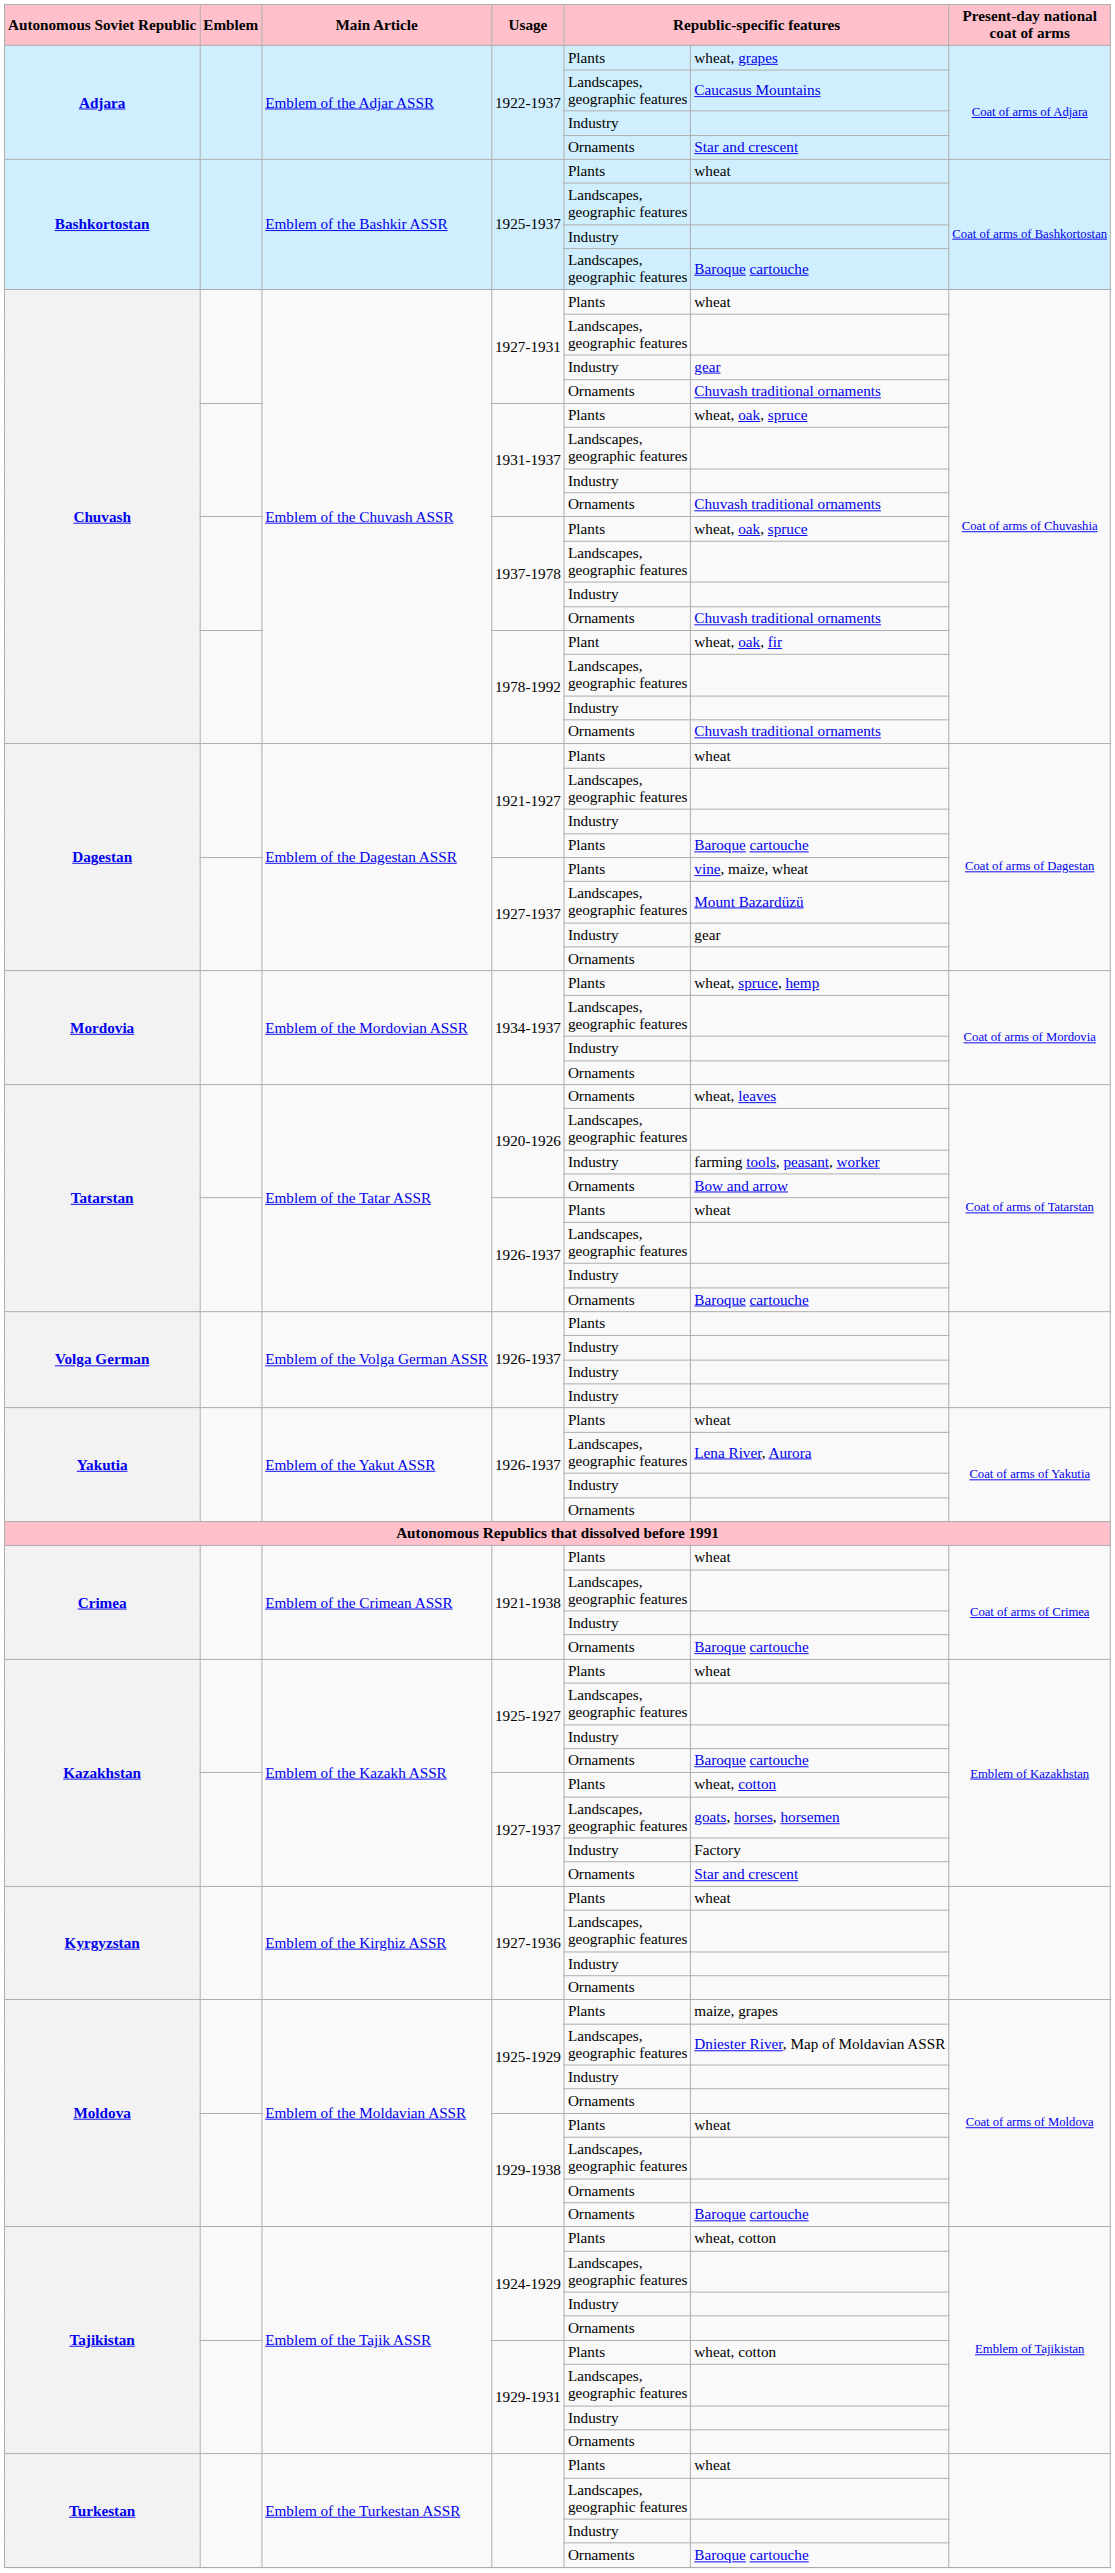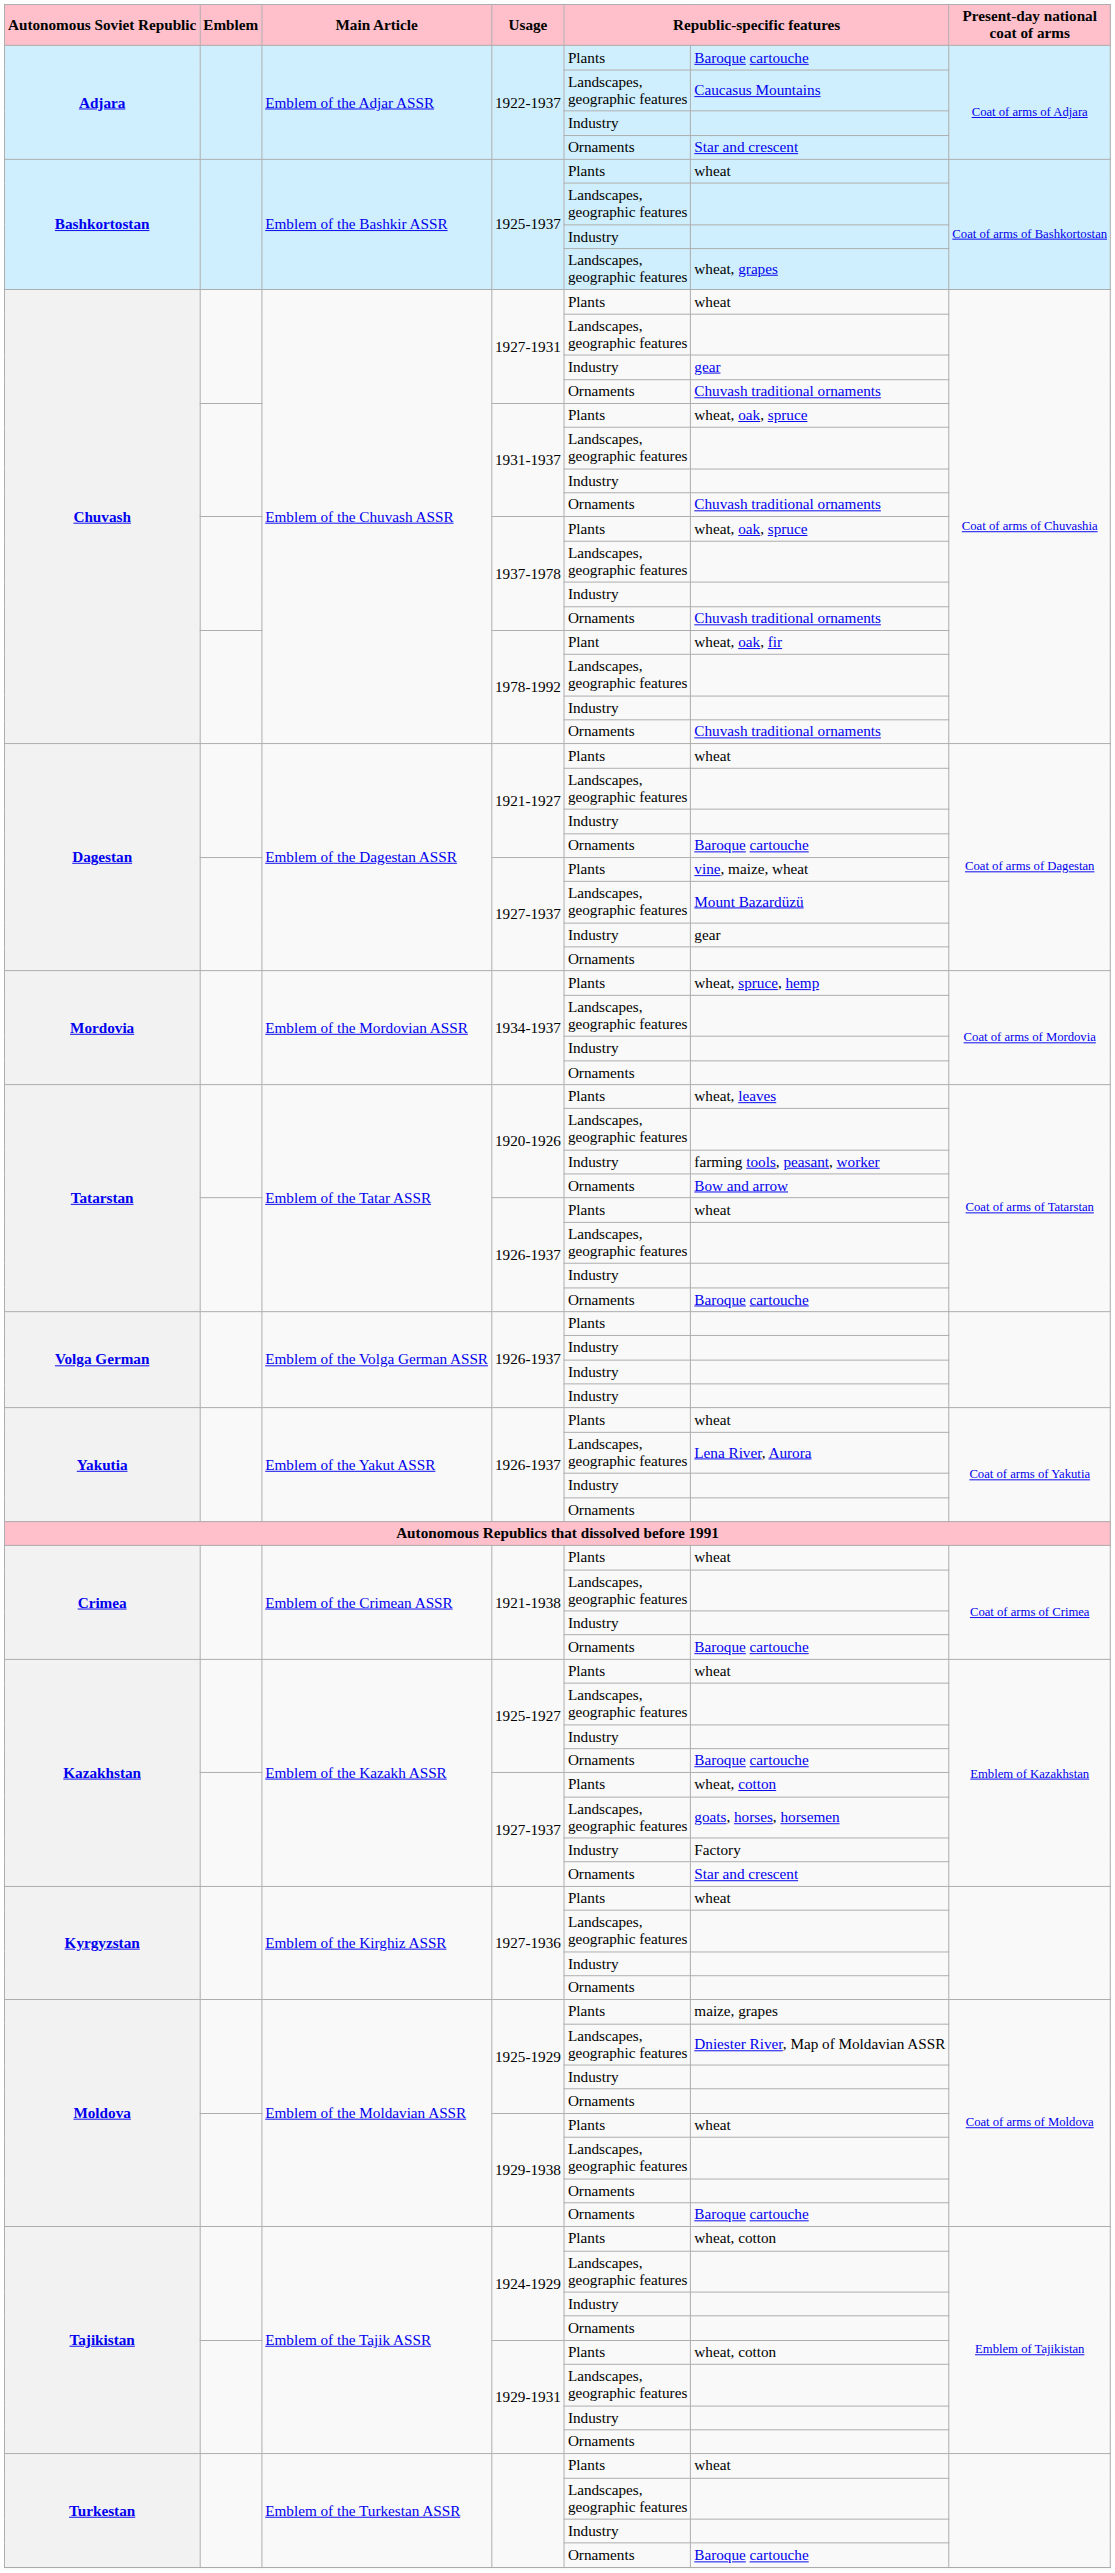 <table class="wikitable">
 <tr>
 <th style="background:pink">Autonomous Soviet Republic</th>
 <th style="background:pink">Emblem</th>
 <th style="background:pink">Main Article</th>
 <th style="background:pink">Usage</th>
 <th colspan=2 style="background:pink">Republic-specific features</th>
 <th style="background:pink">Present-day national <br>coat of arms</th>
 </tr>
 <tr>
 <th style="background:#D0EFFE" rowspan=4><a href='#'>Adjara</a></th>
 <td style="background:#D0EFFE" rowspan=4 align=center></td>
 <td style="background:#D0EFFE" rowspan=4><a href='#'>Emblem of the Adjar ASSR</a></td>
 <td style="background:#D0EFFE" rowspan="4">1922-1937</td>
 <td style="background:#D0EFFE">Plants</td>
-<td style="background:#D0EFFE">wheat, <a href='#'>grapes</a></td>
+<td style="background:#D0EFFE"><a href='#'>Baroque</a> <a href='#'>cartouche</a></td>
 <td style="background:#D0EFFE" rowspan=4 align=center> <br><small><a href='#'>Coat of arms of Adjara</a></small></td>
 </tr>
 <tr>
 <td style="background:#D0EFFE">Landscapes, <br>geographic features</td>
 <td style="background:#D0EFFE"><a href='#'>Caucasus Mountains</a></td>
 </tr>
 <tr>
 <td style="background:#D0EFFE">Industry</td>
 <td style="background:#D0EFFE"></td>
 </tr>
 <tr>
 <td style="background:#D0EFFE">Ornaments</td>
 <td style="background:#D0EFFE"><a href='#'>Star and crescent</a></td>
 </tr>
 <tr>
 <th style="background:#D0EFFE" rowspan=4><a href='#'>Bashkortostan</a></th>
 <td style="background:#D0EFFE" rowspan=4 align=center></td>
 <td style="background:#D0EFFE" rowspan=4><a href='#'>Emblem of the Bashkir ASSR</a></td>
 <td style="background:#D0EFFE" rowspan="4">1925-1937</td>
 <td style="background:#D0EFFE">Plants</td>
 <td style="background:#D0EFFE">wheat</td>
 <td style="background:#D0EFFE"rowspan=4 align=center> <br><small><a href='#'>Coat of arms of Bashkortostan</a></small></td>
 </tr>
 <tr>
 <td style="background:#D0EFFE">Landscapes, <br>geographic features</td>
 <td style="background:#D0EFFE"></td>
 </tr>
 <tr>
 <td style="background:#D0EFFE">Industry</td>
 <td style="background:#D0EFFE"></td>
 </tr>
 <tr>
 <td style="background:#D0EFFE">Landscapes, <br>geographic features</td>
-<td style="background:#D0EFFE"><a href='#'>Baroque</a> <a href='#'>cartouche</a></td>
+<td style="background:#D0EFFE">wheat, <a href='#'>grapes</a></td>
 </tr>
 <tr>
 <th rowspan="16"><a href='#'>Chuvash</a></th>
 <td rowspan=4 align=center></td>
 <td rowspan="16"><a href='#'>Emblem of the Chuvash ASSR</a></td>
 <td rowspan="4">1927-1931</td>
 <td>Plants</td>
 <td>wheat</td>
 <td rowspan="16" align="center"> <br><small><a href='#'>Coat of arms of Chuvashia</a></small></td>
 </tr>
 <tr>
 <td>Landscapes, <br>geographic features</td>
 <td></td>
 </tr>
 <tr>
 <td>Industry</td>
 <td><a href='#'>gear</a></td>
 </tr>
 <tr>
 <td>Ornaments</td>
 <td><a href='#'>Chuvash traditional ornaments</a></td>
 </tr>
 <tr>
 <td rowspan=4 align=center></td>
 <td rowspan="4">1931-1937</td>
 <td>Plants</td>
 <td>wheat, <a href='#'>oak</a>, <a href='#'>spruce</a></td>
 </tr>
 <tr>
 <td>Landscapes, <br>geographic features</td>
 <td></td>
 </tr>
 <tr>
 <td>Industry</td>
 <td></td>
 </tr>
 <tr>
 <td>Ornaments</td>
 <td><a href='#'>Chuvash traditional ornaments</a></td>
 </tr>
 <tr>
 <td rowspan=4 align=center></td>
 <td rowspan="4">1937-1978</td>
 <td>Plants</td>
 <td>wheat, <a href='#'>oak</a>, <a href='#'>spruce</a></td>
 </tr>
 <tr>
 <td>Landscapes, <br>geographic features</td>
 <td></td>
 </tr>
 <tr>
 <td>Industry</td>
 <td></td>
 </tr>
 <tr>
 <td>Ornaments</td>
 <td><a href='#'>Chuvash traditional ornaments</a></td>
 </tr>
 <tr>
 <td rowspan=4 align=center></td>
 <td rowspan="4">1978-1992</td>
 <td>Plant</td>
 <td>wheat, <a href='#'>oak</a>, <a href='#'>fir</a></td>
 </tr>
 <tr>
 <td>Landscapes, <br>geographic features</td>
 <td></td>
 </tr>
 <tr>
 <td>Industry</td>
 <td></td>
 </tr>
 <tr>
 <td>Ornaments</td>
 <td><a href='#'>Chuvash traditional ornaments</a></td>
 </tr>
 <tr>
 <th rowspan="8"><a href='#'>Dagestan</a></th>
 <td rowspan="4"></td>
 <td rowspan="8"><a href='#'>Emblem of the Dagestan ASSR</a></td>
 <td rowspan="4">1921-1927</td>
 <td>Plants</td>
 <td>wheat</td>
 <td rowspan="8" align="center"> <br><small><a href='#'>Coat of arms of Dagestan</a></small></td>
 </tr>
 <tr>
 <td>Landscapes, <br>geographic features</td>
 <td></td>
 </tr>
 <tr>
 <td>Industry</td>
 <td></td>
 </tr>
 <tr>
-<td>Plants</td>
+<td>Ornaments</td>
 <td><a href='#'>Baroque</a> <a href='#'>cartouche</a></td>
 </tr>
 <tr>
 <td rowspan="4"></td>
 <td rowspan="4">1927-1937</td>
 <td>Plants</td>
 <td><a href='#'>vine</a>, maize, wheat</td>
 </tr>
 <tr>
 <td>Landscapes, <br>geographic features</td>
 <td><a href='#'>Mount Bazardüzü</a></td>
 </tr>
 <tr>
 <td>Industry</td>
 <td>gear</td>
 </tr>
 <tr>
 <td>Ornaments</td>
 <td></td>
 </tr>
 <tr>
 <th rowspan=4><a href='#'>Mordovia</a></th>
 <td rowspan=4 align=center></td>
 <td rowspan=4><a href='#'>Emblem of the Mordovian ASSR</a></td>
 <td rowspan="4">1934-1937</td>
 <td>Plants</td>
 <td>wheat, <a href='#'>spruce</a>, <a href='#'>hemp</a></td>
 <td rowspan=4 align=center> <br><small><a href='#'>Coat of arms of Mordovia</a></small></td>
 </tr>
 <tr>
 <td>Landscapes, <br>geographic features</td>
 <td></td>
 </tr>
 <tr>
 <td>Industry</td>
 <td></td>
 </tr>
 <tr>
 <td>Ornaments</td>
 <td></td>
 </tr>
 <tr>
 <th rowspan="8"><a href='#'>Tatarstan</a></th>
 <td rowspan="4"></td>
 <td rowspan="8"><a href='#'>Emblem of the Tatar ASSR</a></td>
 <td rowspan="4">1920-1926</td>
-<td>Ornaments</td>
+<td>Plants</td>
 <td>wheat, <a href='#'>leaves</a></td>
 <td rowspan="8" align="center"> <br><small><a href='#'>Coat of arms of Tatarstan</a></small></td>
 </tr>
 <tr>
 <td>Landscapes, <br>geographic features</td>
 <td></td>
 </tr>
 <tr>
 <td>Industry</td>
 <td>farming <a href='#'>tools</a>, <a href='#'>peasant</a>, <a href='#'>worker</a></td>
 </tr>
 <tr>
 <td>Ornaments</td>
 <td><a href='#'>Bow and arrow</a></td>
 </tr>
 <tr>
 <td rowspan="4"></td>
 <td rowspan="4">1926-1937</td>
 <td>Plants</td>
 <td>wheat</td>
 </tr>
 <tr>
 <td>Landscapes,<br>geographic features</td>
 <td></td>
 </tr>
 <tr>
 <td>Industry</td>
 <td></td>
 </tr>
 <tr>
 <td>Ornaments</td>
 <td><a href='#'>Baroque</a> <a href='#'>cartouche</a></td>
 </tr>
 <tr>
 <th rowspan="4"><a href='#'>Volga German</a></th>
 <td rowspan="4"></td>
 <td rowspan="4"><a href='#'>Emblem of the Volga German ASSR</a></td>
 <td rowspan="4">1926-1937</td>
 <td>Plants</td>
 <td></td>
 <td rowspan="4"></td>
 </tr>
 <tr>
 <td>Industry</td>
 <td></td>
 </tr>
 <tr>
 <td>Industry</td>
 <td></td>
 </tr>
 <tr>
 <td>Industry</td>
 <td></td>
 </tr>
 <tr>
 <th rowspan="4"><a href='#'>Yakutia</a></th>
 <td rowspan="4" align="center"></td>
 <td rowspan="4"><a href='#'>Emblem of the Yakut ASSR</a></td>
 <td rowspan="4">1926-1937</td>
 <td>Plants</td>
 <td>wheat</td>
 <td rowspan="4" align="center"><br><small><a href='#'>Coat of arms of Yakutia</a></small></td>
 </tr>
 <tr>
 <td>Landscapes, <br>geographic features</td>
 <td><a href='#'>Lena River</a>, <a href='#'>Aurora</a></td>
 </tr>
 <tr>
 <td>Industry</td>
 <td></td>
 </tr>
 <tr>
 <td>Ornaments</td>
 <td></td>
 </tr>
 <tr>
 <th colspan=7 style="background:pink">Autonomous Republics that dissolved before 1991</th>
 </tr>
 <tr>
 <th rowspan=4><a href='#'>Crimea</a></th>
 <td rowspan=4 align=center></td>
 <td rowspan=4><a href='#'>Emblem of the Crimean ASSR</a></td>
 <td rowspan="4">1921-1938</td>
 <td>Plants</td>
 <td>wheat</td>
 <td rowspan=4 align=center><br><small><a href='#'>Coat of arms of Crimea</a></small></td>
 </tr>
 <tr>
 <td>Landscapes, <br>geographic features</td>
 <td></td>
 </tr>
 <tr>
 <td>Industry</td>
 <td></td>
 </tr>
 <tr>
 <td>Ornaments</td>
 <td><a href='#'>Baroque</a> <a href='#'>cartouche</a></td>
 </tr>
 <tr>
 <th rowspan="8"><a href='#'>Kazakhstan</a></th>
 <td rowspan="4"></td>
 <td rowspan="8"><a href='#'>Emblem of the Kazakh ASSR</a></td>
 <td rowspan="4">1925-1927</td>
 <td>Plants</td>
 <td>wheat</td>
 <td rowspan="8" align="center"><small><a href='#'>Emblem of Kazakhstan</a></small></td>
 </tr>
 <tr>
 <td>Landscapes, <br>geographic features</td>
 <td></td>
 </tr>
 <tr>
 <td>Industry</td>
 <td></td>
 </tr>
 <tr>
 <td>Ornaments</td>
 <td><a href='#'>Baroque</a> <a href='#'>cartouche</a></td>
 </tr>
 <tr>
 <td rowspan="4" align="center"></td>
 <td rowspan="4">1927-1937</td>
 <td>Plants</td>
 <td>wheat, <a href='#'>cotton</a></td>
 </tr>
 <tr>
 <td>Landscapes, <br>geographic features</td>
 <td><a href='#'>goats</a>, <a href='#'>horses</a>, <a href='#'>horsemen</a></td>
 </tr>
 <tr>
 <td>Industry</td>
 <td>Factory</td>
 </tr>
 <tr>
 <td>Ornaments</td>
 <td><a href='#'>Star and crescent</a></td>
 </tr>
 <tr>
 <th rowspan="4"><a href='#'>Kyrgyzstan</a></th>
 <td rowspan="4"></td>
 <td rowspan="4"><a href='#'>Emblem of the Kirghiz ASSR</a></td>
 <td rowspan="4">1927-1936</td>
 <td>Plants</td>
 <td>wheat</td>
 <td rowspan="4"></td>
 </tr>
 <tr>
 <td>Landscapes, <br>geographic features</td>
 <td></td>
 </tr>
 <tr>
 <td>Industry</td>
 <td></td>
 </tr>
 <tr>
 <td>Ornaments</td>
 <td></td>
 </tr>
 <tr>
 <th rowspan="8"><a href='#'>Moldova</a></th>
 <td rowspan=4 align=center></td>
 <td rowspan="8"><a href='#'>Emblem of the Moldavian ASSR</a></td>
 <td rowspan="4">1925-1929</td>
 <td>Plants</td>
 <td>maize, grapes</td>
 <td rowspan="8" align="center"> <br><small><a href='#'>Coat of arms of Moldova</a></small></td>
 </tr>
 <tr>
 <td>Landscapes, <br>geographic features</td>
 <td><a href='#'>Dniester River</a>, Map of Moldavian ASSR</td>
 </tr>
 <tr>
 <td>Industry</td>
 <td></td>
 </tr>
 <tr>
 <td>Ornaments</td>
 <td></td>
 </tr>
 <tr>
 <td rowspan=4 align=center></td>
 <td rowspan="4">1929-1938</td>
 <td>Plants</td>
 <td>wheat</td>
 </tr>
 <tr>
 <td>Landscapes, <br>geographic features</td>
 <td></td>
 </tr>
 <tr>
 <td>Ornaments</td>
 <td></td>
 </tr>
 <tr>
 <td>Ornaments</td>
 <td><a href='#'>Baroque</a> <a href='#'>cartouche</a></td>
 </tr>
 <tr>
 <th rowspan="8"><a href='#'>Tajikistan</a></th>
 <td rowspan=4 align=center></td>
 <td rowspan="8"><a href='#'>Emblem of the Tajik ASSR</a></td>
 <td rowspan="4">1924-1929</td>
 <td>Plants</td>
 <td>wheat, cotton</td>
 <td rowspan="8" align="center"> <br><small><a href='#'>Emblem of Tajikistan</a></small></td>
 </tr>
 <tr>
 <td>Landscapes, <br>geographic features</td>
 <td></td>
 </tr>
 <tr>
 <td>Industry</td>
 <td></td>
 </tr>
 <tr>
 <td>Ornaments</td>
 <td></td>
 </tr>
 <tr>
 <td rowspan=4 align=center></td>
 <td rowspan="4">1929-1931</td>
 <td>Plants</td>
 <td>wheat, cotton</td>
 </tr>
 <tr>
 <td>Landscapes, <br>geographic features</td>
 <td></td>
 </tr>
 <tr>
 <td>Industry</td>
 <td></td>
 </tr>
 <tr>
 <td>Ornaments</td>
 <td></td>
 </tr>
 <tr>
 <th rowspan=4><a href='#'>Turkestan</a></th>
 <td rowspan=4 align=center></td>
 <td rowspan=4><a href='#'>Emblem of the Turkestan ASSR</a></td>
 <td rowspan="4"></td>
 <td>Plants</td>
 <td>wheat</td>
 <td rowspan=4 align=center></td>
 </tr>
 <tr>
 <td>Landscapes, <br>geographic features</td>
 <td></td>
 </tr>
 <tr>
 <td>Industry</td>
 <td></td>
 </tr>
 <tr>
 <td>Ornaments</td>
 <td><a href='#'>Baroque</a> <a href='#'>cartouche</a></td>
 </tr>
 <tr>
 </tr>
 </table>
